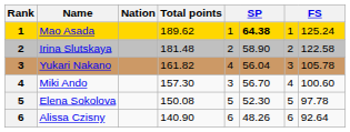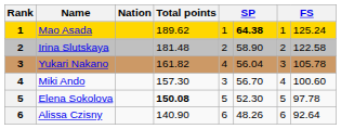 <table class="wikitable">
 <tr>
 <th>Rank</th>
 <th>Name</th>
 <th>Nation</th>
 <th>Total points</th>
 <th colspan="2" width="80px"><a href='#'>SP</a></th>
 <th colspan="2" width="80px"><a href='#'>FS</a></th>
 </tr>
 <tr bgcolor="gold">
 <td align="center"><strong>1</strong></td>
 <td><a href='#'>Mao Asada</a></td>
 <td></td>
 <td>189.62</td>
 <td>1</td>
 <td><strong>64.38</strong></td>
 <td>1</td>
 <td>125.24</td>
 </tr>
 <tr bgcolor="silver">
 <td align="center"><strong>2</strong></td>
 <td><a href='#'>Irina Slutskaya</a></td>
 <td></td>
 <td>181.48</td>
 <td>2</td>
 <td>58.90</td>
 <td>2</td>
 <td>122.58</td>
 </tr>
 <tr bgcolor="cc9966">
 <td align="center"><strong>3</strong></td>
 <td><a href='#'>Yukari Nakano</a></td>
 <td></td>
 <td>161.82</td>
 <td>4</td>
 <td>56.04</td>
 <td>3</td>
 <td>105.78</td>
 </tr>
 <tr>
 <th>4</th>
 <td><a href='#'>Miki Ando</a></td>
 <td></td>
 <td>157.30</td>
 <td>3</td>
 <td>56.70</td>
 <td>4</td>
 <td>100.60</td>
 </tr>
 <tr>
 <th>5</th>
 <td><a href='#'>Elena Sokolova</a></td>
 <td></td>
-<td>150.08</td>
+<td><strong>150.08</strong></td>
 <td>5</td>
 <td>52.30</td>
 <td>5</td>
 <td>97.78</td>
 </tr>
 <tr>
 <th>6</th>
 <td><a href='#'>Alissa Czisny</a></td>
 <td></td>
 <td>140.90</td>
 <td>6</td>
 <td>48.26</td>
 <td>6</td>
 <td>92.64</td>
 </tr>
 </table>
